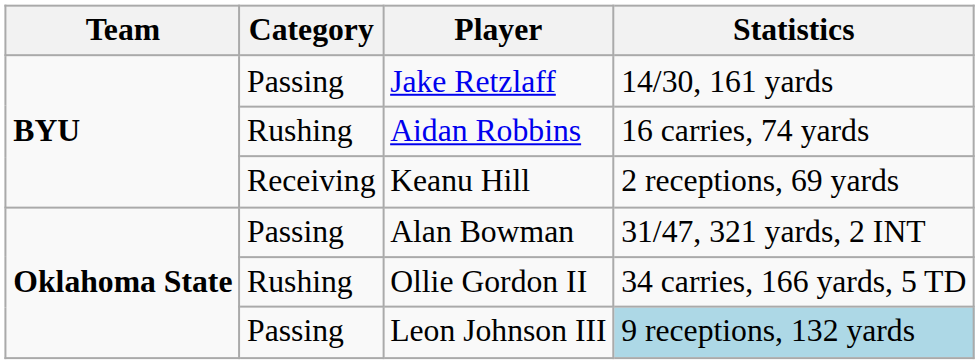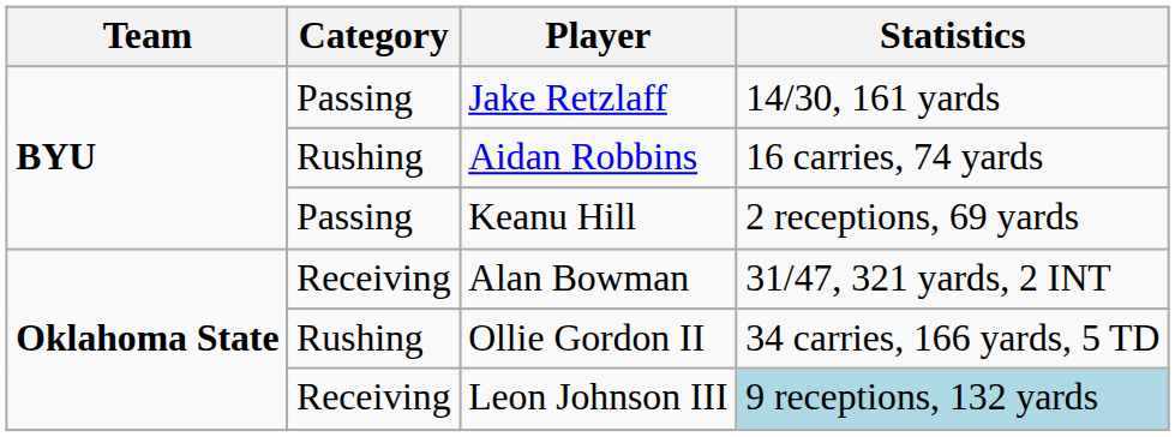 <table class="wikitable" style="float: right;">
 <tr>
 <th>Team</th>
 <th>Category</th>
 <th>Player</th>
 <th>Statistics</th>
 </tr>
 <tr>
 <td rowspan=3><strong>BYU</strong></td>
 <td>Passing</td>
 <td><a href='#'>Jake Retzlaff</a></td>
 <td>14/30, 161 yards</td>
 </tr>
 <tr>
 <td>Rushing</td>
 <td><a href='#'>Aidan Robbins</a></td>
 <td>16 carries, 74 yards</td>
 </tr>
 <tr>
-<td>Receiving</td>
+<td>Passing</td>
 <td>Keanu Hill</td>
 <td>2 receptions, 69 yards</td>
 </tr>
 <tr>
 <td rowspan=3><strong>Oklahoma State</strong></td>
-<td>Passing</td>
+<td>Receiving</td>
 <td>Alan Bowman</td>
 <td>31/47, 321 yards, 2 INT</td>
 </tr>
 <tr>
 <td>Rushing</td>
 <td>Ollie Gordon II</td>
 <td>34 carries, 166 yards, 5 TD</td>
 </tr>
 <tr>
-<td>Passing</td>
+<td>Receiving</td>
 <td>Leon Johnson III</td>
 <td style="background: lightblue;">9 receptions, 132 yards</td>
 </tr>
 </table>
